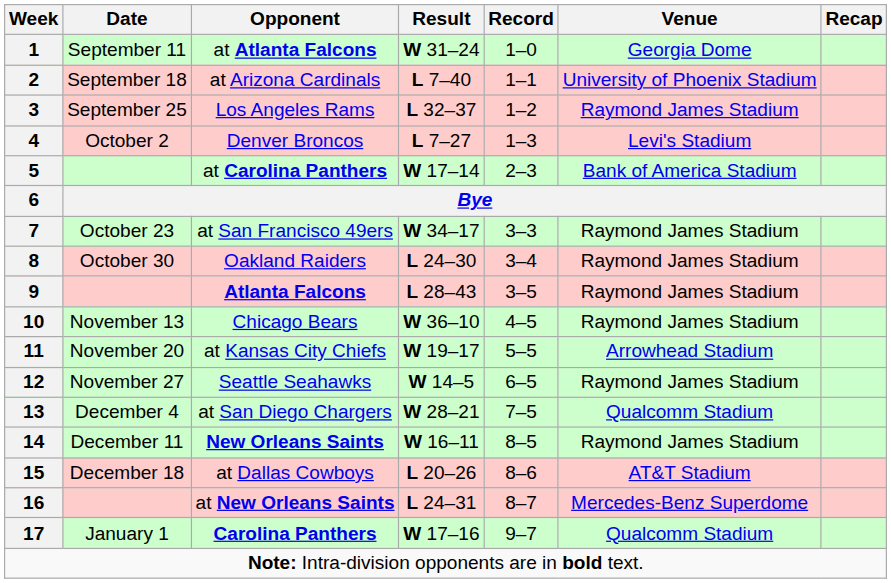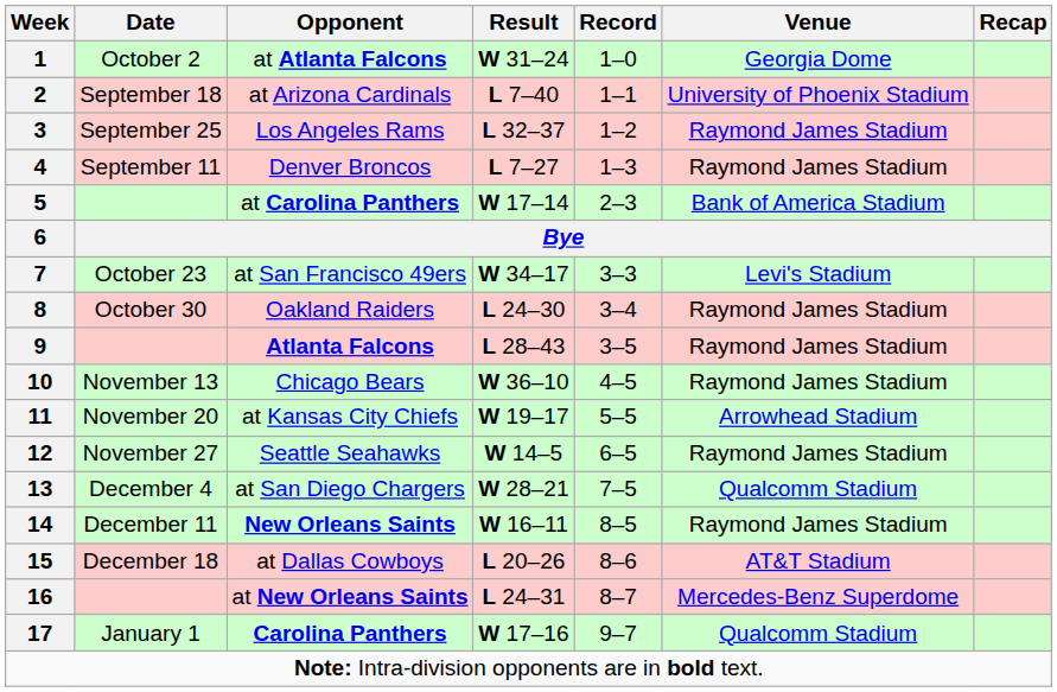 <table class="wikitable" style="text-align:center">
 <tr>
 <th>Week</th>
 <th>Date</th>
 <th>Opponent</th>
 <th>Result</th>
 <th>Record</th>
 <th>Venue</th>
 <th>Recap</th>
 </tr>
 <tr style="background:#cfc">
 <th>1</th>
-<td>September 11</td>
+<td>October 2</td>
 <td>at <strong><a href='#'>Atlanta Falcons</a></strong></td>
 <td><strong>W</strong> 31–24</td>
 <td>1–0</td>
 <td><a href='#'>Georgia Dome</a></td>
 <td></td>
 </tr>
 <tr style="background:#fcc">
 <th>2</th>
 <td>September 18</td>
 <td>at <a href='#'>Arizona Cardinals</a></td>
 <td><strong>L</strong> 7–40</td>
 <td>1–1</td>
 <td><a href='#'>University of Phoenix Stadium</a></td>
 <td></td>
 </tr>
 <tr style="background:#fcc">
 <th>3</th>
 <td>September 25</td>
 <td><a href='#'>Los Angeles Rams</a></td>
 <td><strong>L</strong> 32–37</td>
 <td>1–2</td>
 <td><a href='#'>Raymond James Stadium</a></td>
 <td></td>
 </tr>
 <tr style="background:#fcc">
 <th>4</th>
-<td>October 2</td>
+<td>September 11</td>
 <td><a href='#'>Denver Broncos</a></td>
 <td><strong>L</strong> 7–27</td>
 <td>1–3</td>
-<td><a href='#'>Levi's Stadium</a></td>
+<td>Raymond James Stadium</td>
 <td></td>
 </tr>
 <tr style="background:#cfc">
 <th>5</th>
 <td></td>
 <td>at <strong><a href='#'>Carolina Panthers</a></strong></td>
 <td><strong>W</strong> 17–14</td>
 <td>2–3</td>
 <td><a href='#'>Bank of America Stadium</a></td>
 <td></td>
 </tr>
 <tr>
 <th>6</th>
 <th colspan=6><em><a href='#'>Bye</a></em></th>
 </tr>
 <tr style="background:#cfc">
 <th>7</th>
 <td>October 23</td>
 <td>at <a href='#'>San Francisco 49ers</a></td>
 <td><strong>W</strong> 34–17</td>
 <td>3–3</td>
-<td>Raymond James Stadium</td>
+<td><a href='#'>Levi's Stadium</a></td>
 <td></td>
 </tr>
 <tr style="background:#fcc">
 <th>8</th>
 <td>October 30</td>
 <td><a href='#'>Oakland Raiders</a></td>
 <td><strong>L</strong> 24–30 </td>
 <td>3–4</td>
 <td>Raymond James Stadium</td>
 <td></td>
 </tr>
 <tr style="background:#fcc">
 <th>9</th>
 <td></td>
 <td><strong><a href='#'>Atlanta Falcons</a></strong></td>
 <td><strong>L</strong> 28–43</td>
 <td>3–5</td>
 <td>Raymond James Stadium</td>
 <td></td>
 </tr>
 <tr style="background:#cfc">
 <th>10</th>
 <td>November 13</td>
 <td><a href='#'>Chicago Bears</a></td>
 <td><strong>W</strong> 36–10</td>
 <td>4–5</td>
 <td>Raymond James Stadium</td>
 <td></td>
 </tr>
 <tr style="background:#cfc">
 <th>11</th>
 <td>November 20</td>
 <td>at <a href='#'>Kansas City Chiefs</a></td>
 <td><strong>W</strong> 19–17</td>
 <td>5–5</td>
 <td><a href='#'>Arrowhead Stadium</a></td>
 <td></td>
 </tr>
 <tr style="background:#cfc">
 <th>12</th>
 <td>November 27</td>
 <td><a href='#'>Seattle Seahawks</a></td>
 <td><strong>W</strong> 14–5</td>
 <td>6–5</td>
 <td>Raymond James Stadium</td>
 <td></td>
 </tr>
 <tr style="background:#cfc">
 <th>13</th>
 <td>December 4</td>
 <td>at <a href='#'>San Diego Chargers</a></td>
 <td><strong>W</strong> 28–21</td>
 <td>7–5</td>
 <td><a href='#'>Qualcomm Stadium</a></td>
 <td></td>
 </tr>
 <tr style="background:#cfc">
 <th>14</th>
 <td>December 11</td>
 <td><strong><a href='#'>New Orleans Saints</a></strong></td>
 <td><strong>W</strong> 16–11</td>
 <td>8–5</td>
 <td>Raymond James Stadium</td>
 <td></td>
 </tr>
 <tr style="background:#fcc">
 <th>15</th>
 <td>December 18</td>
 <td>at <a href='#'>Dallas Cowboys</a></td>
 <td><strong>L</strong> 20–26</td>
 <td>8–6</td>
 <td><a href='#'>AT&T Stadium</a></td>
 <td></td>
 </tr>
 <tr style="background:#fcc">
 <th>16</th>
 <td></td>
 <td>at <strong><a href='#'>New Orleans Saints</a></strong></td>
 <td><strong>L</strong> 24–31</td>
 <td>8–7</td>
 <td><a href='#'>Mercedes-Benz Superdome</a></td>
 <td></td>
 </tr>
 <tr style="background:#cfc">
 <th>17</th>
 <td>January 1</td>
 <td><strong><a href='#'>Carolina Panthers</a></strong></td>
 <td><strong>W</strong> 17–16</td>
 <td>9–7</td>
 <td><a href='#'>Qualcomm Stadium</a></td>
 <td></td>
 </tr>
 <tr>
 <td colspan="7"><strong>Note:</strong> Intra-division opponents are in <strong>bold</strong> text.</td>
 </tr>
 </table>
